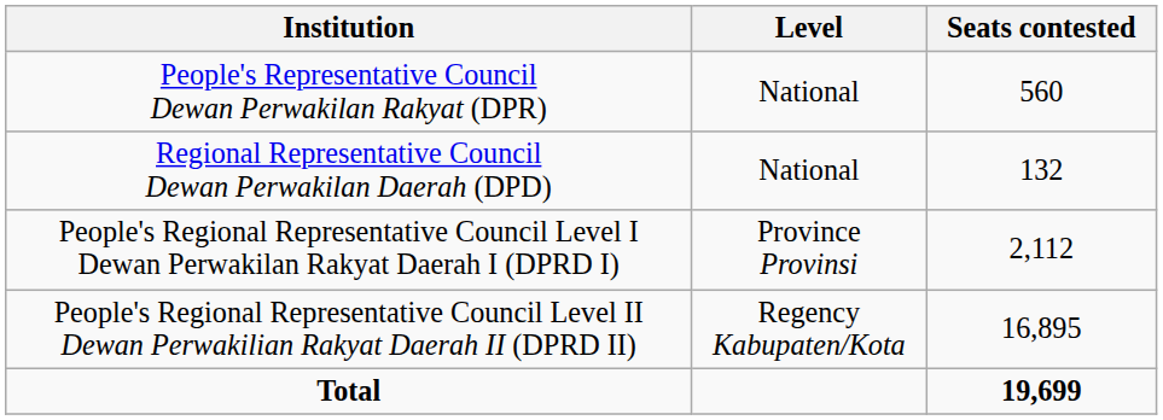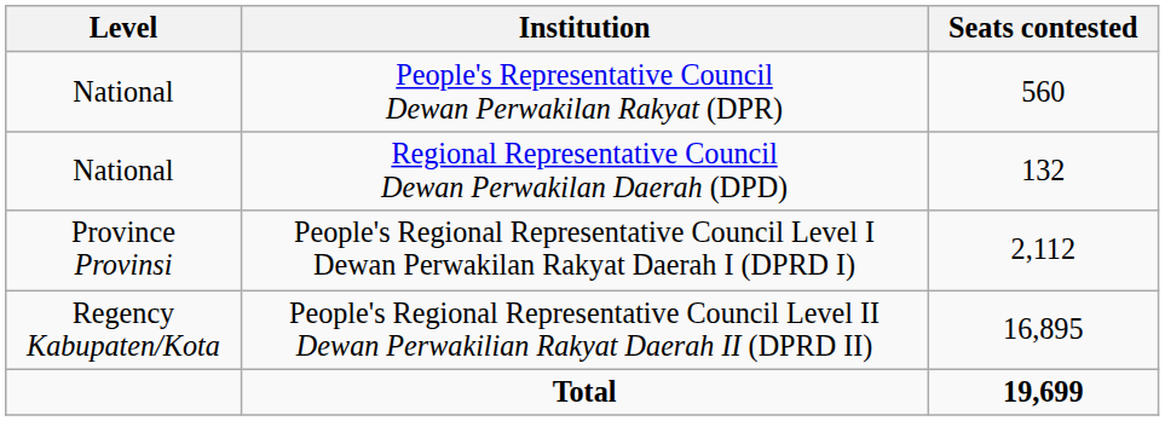 <table class="wikitable" style="text-align:center; width:50%;">
 <tr>
+<th scope="col">Level</th>
 <th scope="col">Institution</th>
-<th scope="col">Level</th>
 <th scope="col">Seats contested</th>
 </tr>
 <tr>
+<td>National</td>
 <td><a href='#'>People's Representative Council</a><br><em>Dewan Perwakilan Rakyat</em> (DPR)</td>
-<td>National</td>
 <td>560</td>
 </tr>
 <tr>
+<td>National</td>
 <td><a href='#'>Regional Representative Council</a><br><em>Dewan Perwakilan Daerah</em> (DPD)</td>
-<td>National</td>
 <td>132</td>
 </tr>
 <tr>
+<td>Province<br><em>Provinsi</em></td>
 <td>People's Regional Representative Council Level I<br>Dewan Perwakilan Rakyat Daerah I (DPRD I)</td>
-<td>Province<br><em>Provinsi</em></td>
 <td>2,112</td>
 </tr>
 <tr>
+<td>Regency<br><em>Kabupaten/Kota</em></td>
 <td>People's Regional Representative Council Level II<br><em>Dewan Perwakilian Rakyat Daerah II</em> (DPRD II)</td>
-<td>Regency<br><em>Kabupaten/Kota</em></td>
 <td>16,895</td>
 </tr>
 <tr>
+<td></td>
 <td><strong>Total</strong></td>
-<td></td>
 <td><strong>19,699</strong></td>
 </tr>
 </table>
